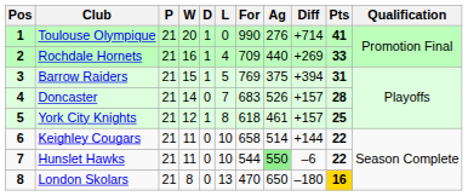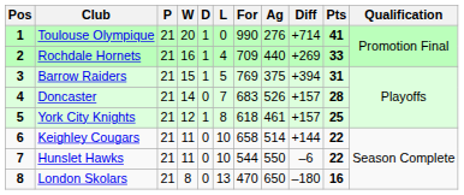 <table class="wikitable" style="text-align:center;">
 <tr>
 <th>Pos</th>
 <th>Club</th>
 <th>P</th>
 <th>W</th>
 <th>D</th>
 <th>L</th>
 <th>For</th>
 <th>Ag</th>
 <th>Diff</th>
 <th>Pts</th>
 <th>Qualification</th>
 </tr>
 <tr align=center style="background:#bbffbb;">
 <td><strong>1</strong></td>
 <td style="text-align:left;"> <a href='#'>Toulouse Olympique</a></td>
 <td>21</td>
 <td>20</td>
 <td>1</td>
 <td>0</td>
 <td>990</td>
 <td>276</td>
 <td>+714</td>
 <td><strong>41</strong></td>
 <td rowspan=2>Promotion Final</td>
 </tr>
 <tr align=center style="background:#bbffbb;">
 <td><strong>2</strong></td>
 <td style="text-align:left;"> <a href='#'>Rochdale Hornets</a></td>
 <td>21</td>
 <td>16</td>
 <td>1</td>
 <td>4</td>
 <td>709</td>
 <td>440</td>
 <td>+269</td>
 <td><strong>33</strong></td>
 </tr>
 <tr align=center style="background:#ddffdd;">
 <td><strong>3</strong></td>
 <td style="text-align:left;"> <a href='#'>Barrow Raiders</a></td>
 <td>21</td>
 <td>15</td>
 <td>1</td>
 <td>5</td>
 <td>769</td>
 <td>375</td>
 <td>+394</td>
 <td><strong>31</strong></td>
 <td rowspan=3>Playoffs</td>
 </tr>
 <tr align=center style="background:#ddffdd;">
 <td><strong>4</strong></td>
 <td style="text-align:left;"> <a href='#'>Doncaster</a></td>
 <td>21</td>
 <td>14</td>
 <td>0</td>
 <td>7</td>
 <td>683</td>
 <td>526</td>
 <td>+157</td>
 <td><strong>28</strong></td>
 </tr>
 <tr align=center style="background:#ddffdd;">
 <td><strong>5</strong></td>
 <td style="text-align:left;"> <a href='#'>York City Knights</a></td>
 <td>21</td>
 <td>12</td>
 <td>1</td>
 <td>8</td>
 <td>618</td>
 <td>461</td>
 <td>+157</td>
 <td><strong>25</strong></td>
 </tr>
 <tr align=center>
 <td><strong>6</strong></td>
 <td style="text-align:left;"> <a href='#'>Keighley Cougars</a></td>
 <td>21</td>
 <td>11</td>
 <td>0</td>
 <td>10</td>
 <td>658</td>
 <td>514</td>
 <td>+144</td>
 <td><strong>22</strong></td>
 <td rowspan=3>Season Complete</td>
 </tr>
 <tr align=center>
 <td><strong>7</strong></td>
 <td style="text-align:left;"> <a href='#'>Hunslet Hawks</a></td>
 <td>21</td>
 <td>11</td>
 <td>0</td>
 <td>10</td>
 <td>544</td>
-<td style="background: lightgreen;">550</td>
+<td>550</td>
 <td>–6</td>
 <td><strong>22</strong></td>
 </tr>
 <tr align=center>
 <td><strong>8</strong></td>
 <td style="text-align:left;"> <a href='#'>London Skolars</a></td>
 <td>21</td>
 <td>8</td>
 <td>0</td>
 <td>13</td>
 <td>470</td>
 <td>650</td>
 <td>–180</td>
-<td style="background: gold;"><strong>16</strong></td>
+<td><strong>16</strong></td>
 </tr>
 </table>
